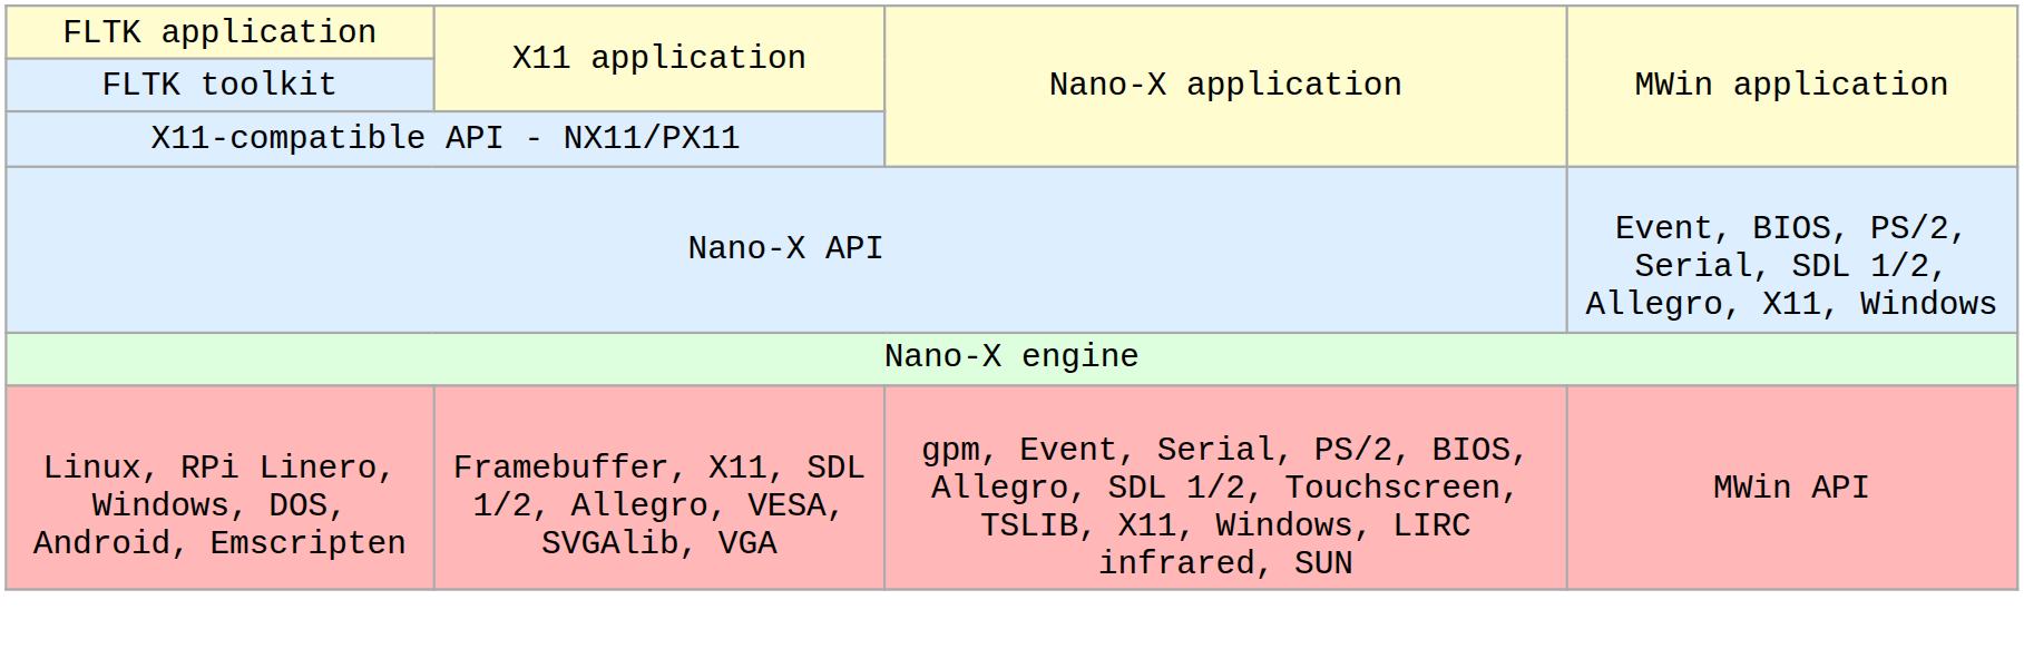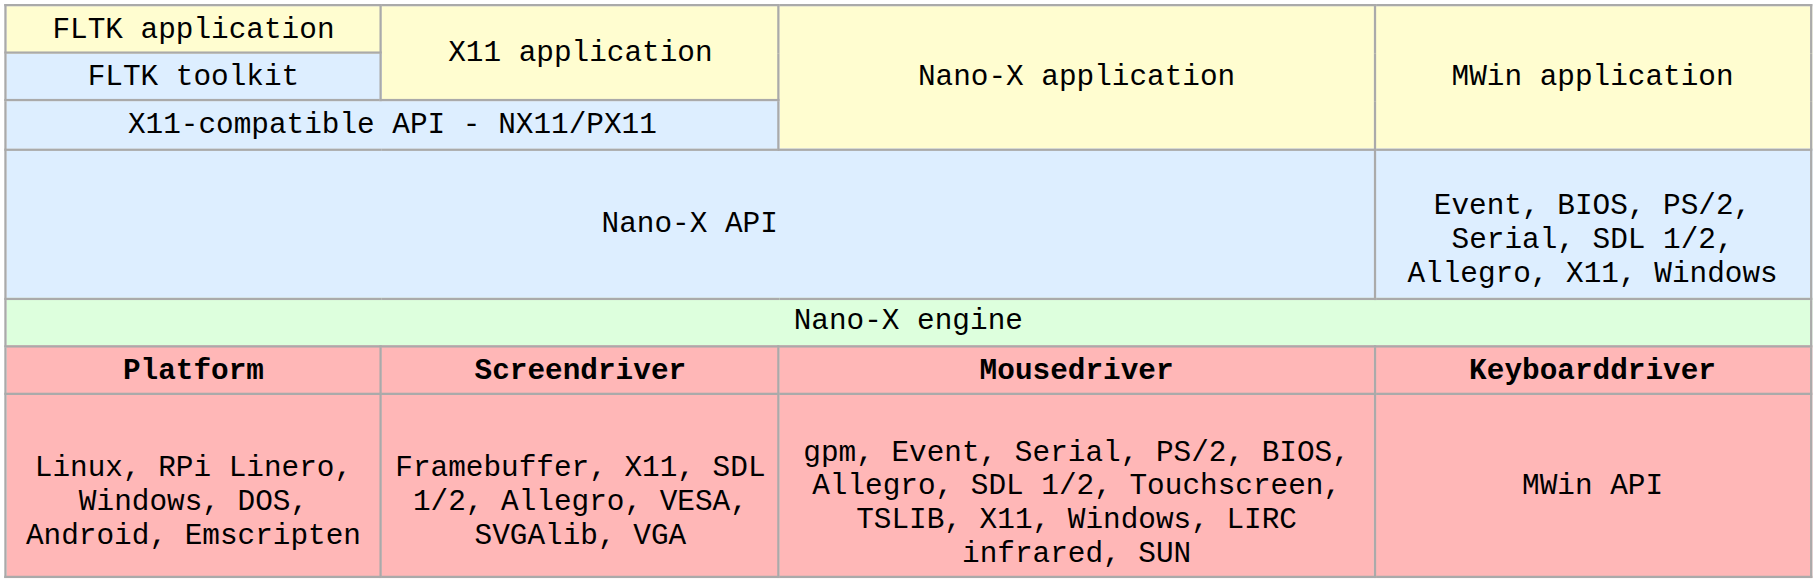 <table class="wikitable mw-collapsible" style="text-align: center; margin-inline: auto; max-width: 800px">
 <tr style="background: #fffdd0">
 <td>FLTK application</td>
 <td rowspan="2">X11 application</td>
 <td rowspan="3">Nano-X application</td>
 <td rowspan="3">MWin application</td>
 </tr>
 <tr style="background: #def">
 <td>FLTK toolkit</td>
 </tr>
 <tr style="background: #def">
 <td colspan="2">X11-compatible API - NX11/PX11</td>
 </tr>
 <tr style="background: #def">
 <td colspan="3">Nano-X API</td>
 <td><br>Event, BIOS, PS/2, Serial, SDL 1/2, Allegro, X11, Windows</td>
 </tr>
 <tr style="background: #dfd">
 <td colspan="4">Nano-X engine</td>
 </tr>
+<tr style="background: #ffb7b7; font-weight: bold">
+<td>Platform</td>
+<td>Screendriver</td>
+<td>Mousedriver</td>
+<td>Keyboarddriver</td>
+</tr>
 <tr style="background: #ffb7b7">
 <td><br>Linux, RPi Linero, Windows, DOS, Android, Emscripten</td>
 <td><br>Framebuffer, X11, SDL 1/2, Allegro, VESA, SVGAlib, VGA</td>
 <td><br>gpm, Event, Serial, PS/2, BIOS, Allegro, SDL 1/2, Touchscreen, TSLIB, X11, Windows, LIRC infrared, SUN</td>
 <td>MWin API</td>
 </tr>
 </table>
